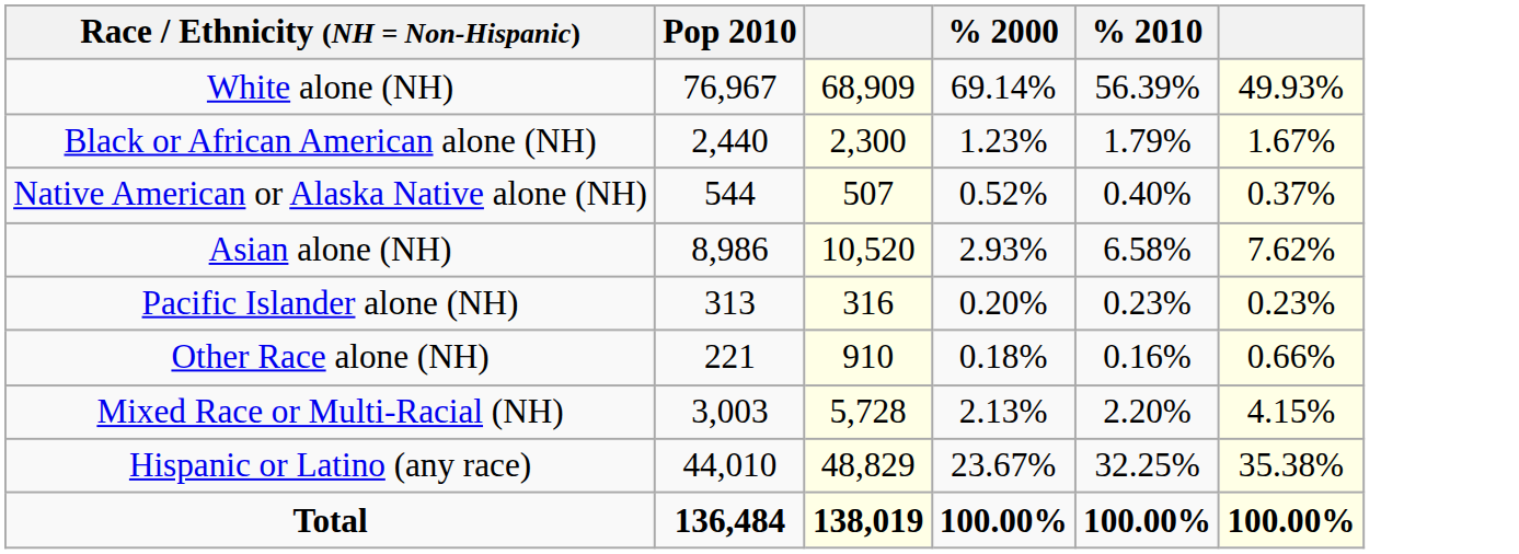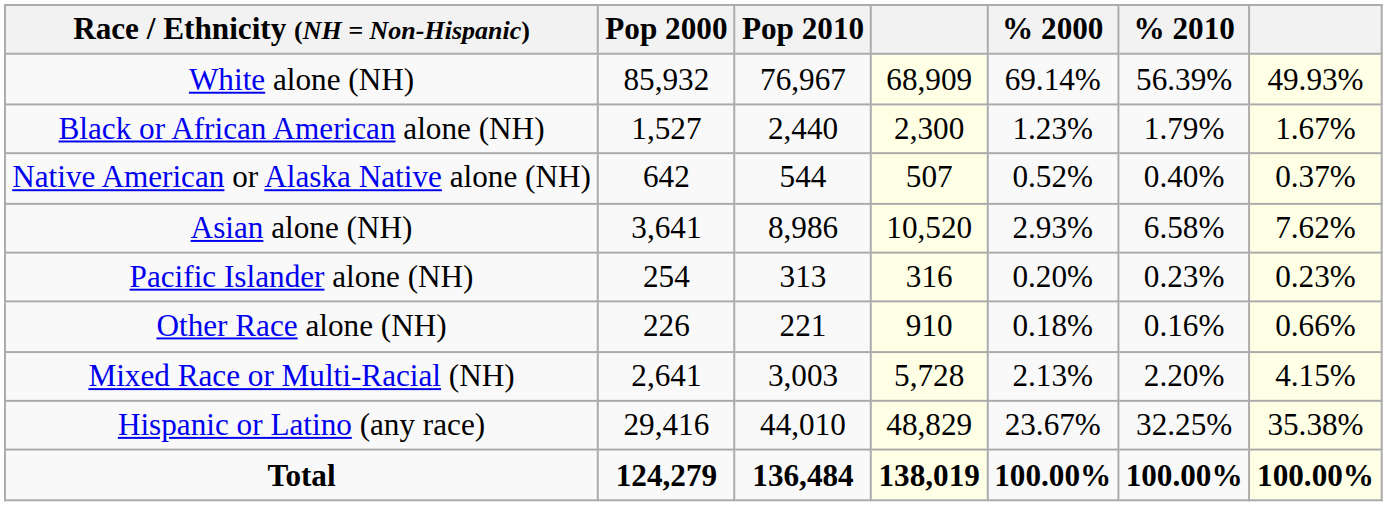 <table class="wikitable" style="text-align:center;">
 <tr>
 <th>Race / Ethnicity <small>(<em>NH = Non-Hispanic</em>)</small></th>
+<th>Pop 2000</th>
 <th>Pop 2010</th>
 <th></th>
 <th>% 2000</th>
 <th>% 2010</th>
 <th></th>
 </tr>
 <tr>
 <td><a href='#'>White</a> alone (NH)</td>
+<td>85,932</td>
 <td>76,967</td>
 <td style='background: #ffffe6;'>68,909</td>
 <td>69.14%</td>
 <td>56.39%</td>
 <td style='background: #ffffe6;'>49.93%</td>
 </tr>
 <tr>
 <td><a href='#'>Black or African American</a> alone (NH)</td>
+<td>1,527</td>
 <td>2,440</td>
 <td style='background: #ffffe6;'>2,300</td>
 <td>1.23%</td>
 <td>1.79%</td>
 <td style='background: #ffffe6;'>1.67%</td>
 </tr>
 <tr>
 <td><a href='#'>Native American</a> or <a href='#'>Alaska Native</a> alone (NH)</td>
+<td>642</td>
 <td>544</td>
 <td style='background: #ffffe6;'>507</td>
 <td>0.52%</td>
 <td>0.40%</td>
 <td style='background: #ffffe6;'>0.37%</td>
 </tr>
 <tr>
 <td><a href='#'>Asian</a> alone (NH)</td>
+<td>3,641</td>
 <td>8,986</td>
 <td style='background: #ffffe6;'>10,520</td>
 <td>2.93%</td>
 <td>6.58%</td>
 <td style='background: #ffffe6;'>7.62%</td>
 </tr>
 <tr>
 <td><a href='#'>Pacific Islander</a> alone (NH)</td>
+<td>254</td>
 <td>313</td>
 <td style='background: #ffffe6;'>316</td>
 <td>0.20%</td>
 <td>0.23%</td>
 <td style='background: #ffffe6;'>0.23%</td>
 </tr>
 <tr>
 <td><a href='#'>Other Race</a> alone (NH)</td>
+<td>226</td>
 <td>221</td>
 <td style='background: #ffffe6;'>910</td>
 <td>0.18%</td>
 <td>0.16%</td>
 <td style='background: #ffffe6;'>0.66%</td>
 </tr>
 <tr>
 <td><a href='#'>Mixed Race or Multi-Racial</a> (NH)</td>
+<td>2,641</td>
 <td>3,003</td>
 <td style='background: #ffffe6;'>5,728</td>
 <td>2.13%</td>
 <td>2.20%</td>
 <td style='background: #ffffe6;'>4.15%</td>
 </tr>
 <tr>
 <td><a href='#'>Hispanic or Latino</a> (any race)</td>
+<td>29,416</td>
 <td>44,010</td>
 <td style='background: #ffffe6;'>48,829</td>
 <td>23.67%</td>
 <td>32.25%</td>
 <td style='background: #ffffe6;'>35.38%</td>
 </tr>
 <tr>
 <td><strong>Total</strong></td>
+<td><strong>124,279</strong></td>
 <td><strong>136,484</strong></td>
 <td style='background: #ffffe6;'><strong>138,019</strong></td>
 <td><strong>100.00%</strong></td>
 <td><strong>100.00%</strong></td>
 <td style='background: #ffffe6;'><strong>100.00%</strong></td>
 </tr>
 </table>
